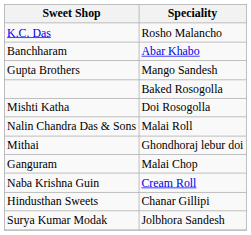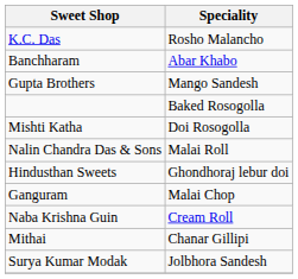 <table class="wikitable">
 <tr>
 <th>Sweet Shop</th>
 <th>Speciality</th>
 </tr>
 <tr>
 <td><a href='#'>K.C. Das</a></td>
 <td>Rosho Malancho</td>
 </tr>
 <tr>
 <td>Banchharam</td>
 <td><a href='#'>Abar Khabo</a></td>
 </tr>
 <tr>
 <td>Gupta Brothers</td>
 <td>Mango Sandesh</td>
 </tr>
 <tr>
 <td></td>
 <td>Baked Rosogolla</td>
 </tr>
 <tr>
 <td>Mishti Katha</td>
 <td>Doi Rosogolla</td>
 </tr>
 <tr>
 <td>Nalin Chandra Das & Sons</td>
 <td>Malai Roll</td>
 </tr>
 <tr>
-<td>Mithai</td>
+<td>Hindusthan Sweets</td>
 <td>Ghondhoraj lebur doi</td>
 </tr>
 <tr>
 <td>Ganguram</td>
 <td>Malai Chop</td>
 </tr>
 <tr>
 <td>Naba Krishna Guin</td>
 <td><a href='#'>Cream Roll</a></td>
 </tr>
 <tr>
-<td>Hindusthan Sweets</td>
+<td>Mithai</td>
 <td>Chanar Gillipi</td>
 </tr>
 <tr>
 <td>Surya Kumar Modak</td>
 <td>Jolbhora Sandesh</td>
 </tr>
 <tr>
 </tr>
 </table>
